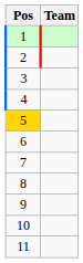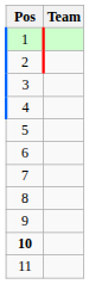 <table class="wikitable" style="text-align:center;">
 <tr>
 <th width="35">Pos</th>
 <th>Team</th>
 </tr>
 <tr bgcolor="ccffcc">
 <td style="border-left:3px solid #06f; border-right:3px solid red;">1</td>
 <td align="left"></td>
 </tr>
 <tr>
 <td style="border-left:3px solid #06f; border-right:3px solid red;">2</td>
 <td align="left"></td>
 </tr>
 <tr>
 <td style="border-left:3px solid #06f;">3</td>
 <td align="left"></td>
 </tr>
 <tr>
 <td style="border-left:3px solid #06f;">4</td>
 <td align="left"></td>
 </tr>
 <tr>
-<td style="background: gold;">5</td>
+<td>5</td>
 <td align="left"></td>
 </tr>
 <tr>
 <td>6</td>
 <td align="left"></td>
 </tr>
 <tr>
 <td>7</td>
 <td align="left"></td>
 </tr>
 <tr>
 <td>8</td>
 <td align="left"></td>
 </tr>
 <tr>
 <td>9</td>
 <td align="left"></td>
 </tr>
 <tr>
-<td>10</td>
+<td><strong>10</strong></td>
 <td align="left"></td>
 </tr>
 <tr>
 <td>11</td>
 <td align="left"></td>
 </tr>
 </table>
